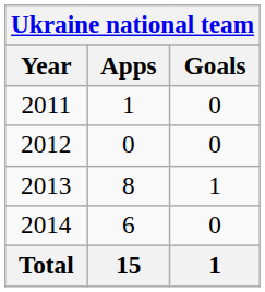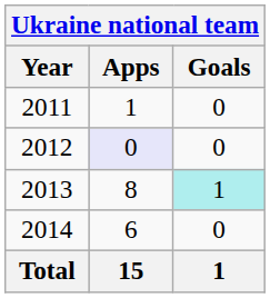 <table class="wikitable" style="text-align:center">
 <tr>
 <th colspan=3><a href='#'>Ukraine national team</a></th>
 </tr>
 <tr>
 <th>Year</th>
 <th>Apps</th>
 <th>Goals</th>
 </tr>
 <tr>
 <td>2011</td>
 <td>1</td>
 <td>0</td>
 </tr>
 <tr>
 <td>2012</td>
-<td>0</td>
+<td style="background: lavender;">0</td>
 <td>0</td>
 </tr>
 <tr>
 <td>2013</td>
 <td>8</td>
-<td>1</td>
+<td style="background: paleturquoise;">1</td>
 </tr>
 <tr>
 <td>2014</td>
 <td>6</td>
 <td>0</td>
 </tr>
 <tr>
 <th>Total</th>
 <th>15</th>
 <th>1</th>
 </tr>
 </table>
